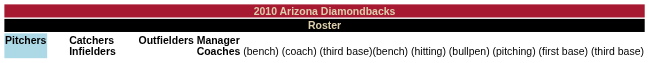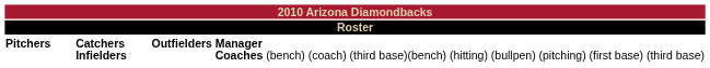 <table class="toccolours" style="font-size: 95%;">
 <tr>
 <th colspan="10" style="background-color: #A71930; color: #DBCEAC; text-align: center;">2010 Arizona Diamondbacks</th>
 </tr>
 <tr>
 <td colspan="10" style="background-color: black; color: #DBCEAC; text-align: center;"><strong>Roster</strong></td>
 </tr>
 <tr>
-<td valign="top" style="background: lightblue;"><strong>Pitchers</strong><br>                           </td>
+<td valign="top"><strong>Pitchers</strong><br>                           </td>
 <td width="25px"></td>
 <td valign="top"><strong>Catchers</strong><br>    <strong>Infielders</strong>          </td>
 <td width="25px"></td>
 <td valign="top"><strong>Outfielders</strong><br>     </td>
 <td valign="top"><strong>Manager</strong><br>  <strong>Coaches</strong>  (bench)  (coach)  (third base)(bench)  (hitting)  (bullpen)  (pitching)  (first base)  (third base)</td>
 </tr>
 <tr>
 </tr>
 </table>
